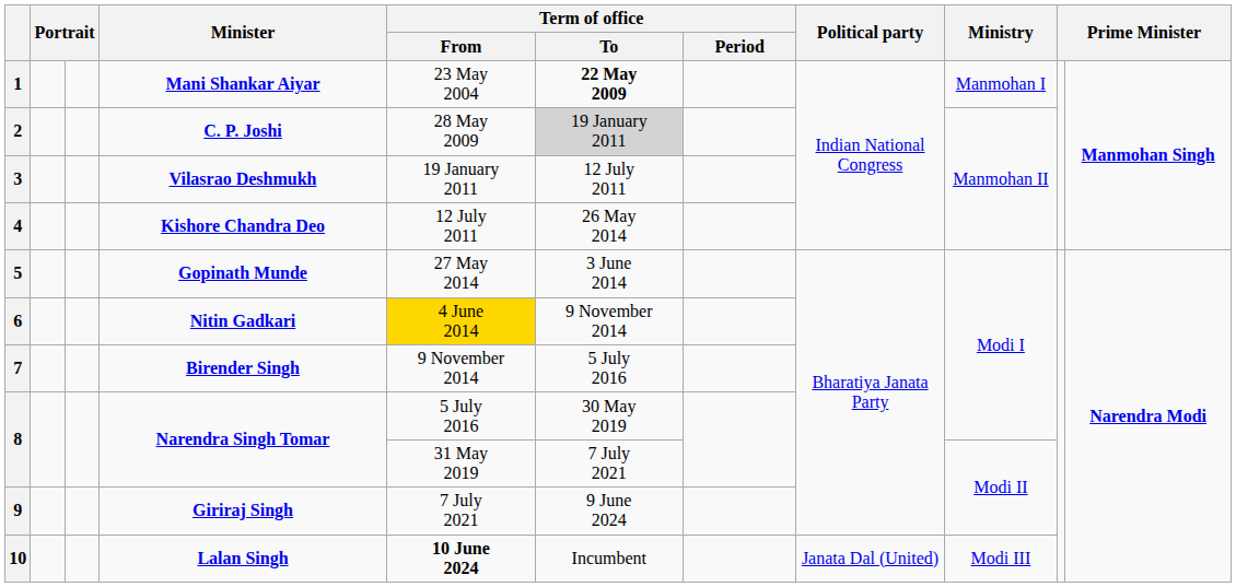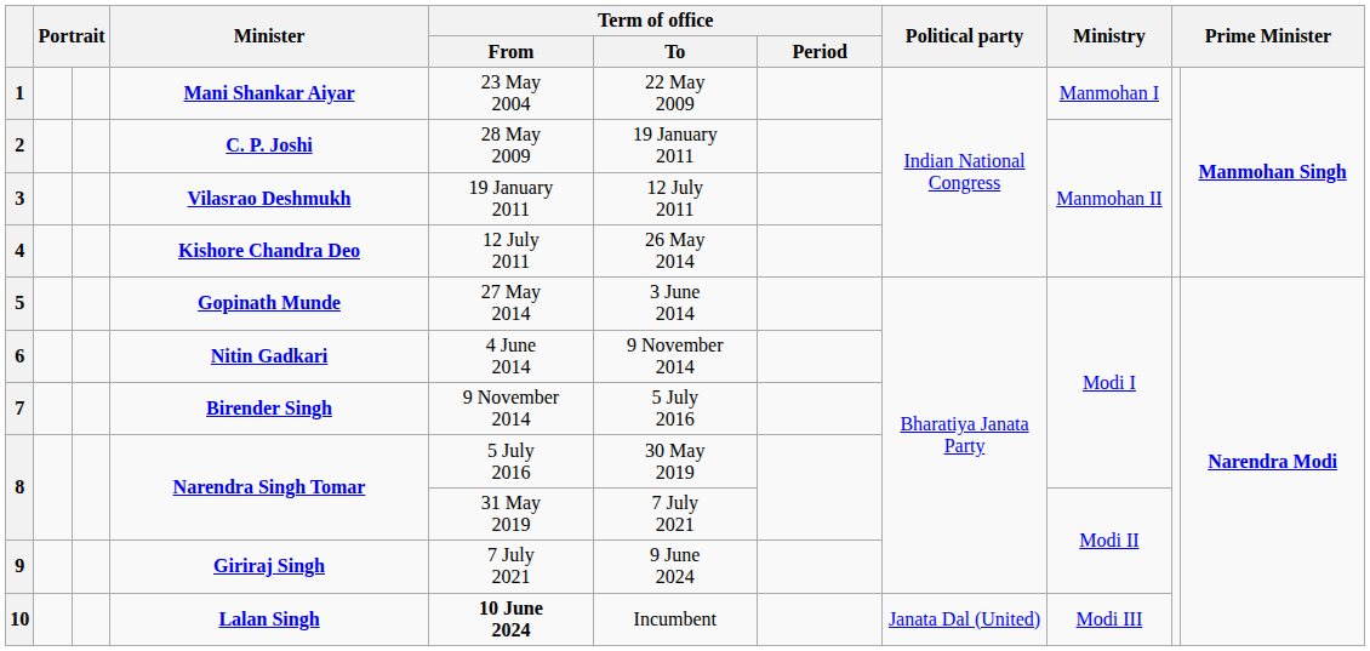 <table class="wikitable" style="text-align:center">
 <tr>
 <th rowspan="2"></th>
 <th rowspan="2" colspan="2">Portrait</th>
 <th rowspan="2" style="width:16em">Minister<br></th>
 <th colspan="3">Term of office</th>
 <th rowspan="2" style="width:8em">Political party</th>
 <th rowspan="2" style="width:6em">Ministry</th>
 <th rowspan="2" colspan="2">Prime Minister</th>
 </tr>
 <tr>
 <th style="width:8em">From</th>
 <th style="width:8em">To</th>
 <th style="width:6em">Period</th>
 </tr>
 <tr>
 <th>1</th>
 <td></td>
 <td></td>
 <td><strong><a href='#'>Mani Shankar Aiyar</a></strong><br></td>
 <td>23 May<br>2004</td>
-<td><strong>22 May<br>2009</strong></td>
+<td>22 May<br>2009</td>
 <td><strong></strong></td>
 <td rowspan="4"><a href='#'>Indian National Congress</a></td>
 <td><a href='#'>Manmohan I</a></td>
 <td rowspan="4"></td>
 <td rowspan="4" style="width:9em"><strong><a href='#'>Manmohan Singh</a></strong></td>
 </tr>
 <tr>
 <th>2</th>
 <td></td>
 <td></td>
 <td><strong><a href='#'>C. P. Joshi</a></strong><br></td>
 <td>28 May<br>2009</td>
-<td style="background: lightgrey;">19 January<br>2011</td>
+<td>19 January<br>2011</td>
 <td><strong></strong></td>
 <td rowspan="3"><a href='#'>Manmohan II</a></td>
 </tr>
 <tr>
 <th>3</th>
 <td></td>
 <td></td>
 <td><strong><a href='#'>Vilasrao Deshmukh</a></strong><br></td>
 <td>19 January<br>2011</td>
 <td>12 July<br>2011</td>
 <td><strong></strong></td>
 </tr>
 <tr>
 <th>4</th>
 <td></td>
 <td></td>
 <td><strong><a href='#'>Kishore Chandra Deo</a></strong><br></td>
 <td>12 July<br>2011</td>
 <td>26 May<br>2014</td>
 <td><strong></strong></td>
 </tr>
 <tr>
 <th>5</th>
 <td></td>
 <td></td>
 <td><strong><a href='#'>Gopinath Munde</a></strong><br></td>
 <td>27 May<br>2014</td>
 <td>3 June<br>2014<br></td>
 <td><strong></strong></td>
 <td rowspan="6"><a href='#'>Bharatiya Janata Party</a></td>
 <td rowspan="4"><a href='#'>Modi I</a></td>
 <td rowspan="7"></td>
 <td rowspan="7"><strong><a href='#'>Narendra Modi</a></strong></td>
 </tr>
 <tr>
 <th>6</th>
 <td></td>
 <td></td>
 <td><strong><a href='#'>Nitin Gadkari</a></strong><br></td>
-<td style="background: gold;">4 June<br>2014</td>
+<td>4 June<br>2014</td>
 <td>9 November<br>2014</td>
 <td><strong></strong></td>
 </tr>
 <tr>
 <th>7</th>
 <td></td>
 <td></td>
 <td><a href='#'><strong>Birender Singh</strong></a><br></td>
 <td>9 November<br>2014</td>
 <td>5 July<br>2016</td>
 <td><strong></strong></td>
 </tr>
 <tr>
 <th rowspan="2">8</th>
 <td rowspan="2"></td>
 <td rowspan="2"></td>
 <td rowspan="2"><strong><a href='#'>Narendra Singh Tomar</a></strong><br></td>
 <td>5 July<br>2016</td>
 <td>30 May<br>2019</td>
 <td rowspan="2"><strong></strong></td>
 </tr>
 <tr>
 <td>31 May<br>2019</td>
 <td>7 July<br>2021</td>
 <td rowspan="2"><a href='#'>Modi II</a></td>
 </tr>
 <tr>
 <th>9</th>
 <td></td>
 <td></td>
 <td><strong><a href='#'>Giriraj Singh</a></strong><br></td>
 <td>7 July<br>2021</td>
 <td>9 June<br>2024</td>
 <td><strong></strong></td>
 </tr>
 <tr>
 <th>10</th>
 <td></td>
 <td></td>
 <td><strong><a href='#'>Lalan Singh</a></strong><br></td>
 <td><strong>10 June<br>2024</strong></td>
 <td>Incumbent</td>
 <td><strong></strong></td>
 <td><a href='#'>Janata Dal (United)</a></td>
 <td><a href='#'>Modi III</a></td>
 </tr>
 <tr>
 </tr>
 </table>
